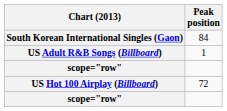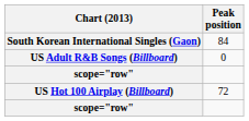 <table class="wikitable sortable plainrowheaders">
 <tr>
 <th>Chart (2013)</th>
 <th>Peak<br>position</th>
 </tr>
 <tr>
 <th scope="row">South Korean International Singles (<a href='#'>Gaon</a>)</th>
 <td align="center">84</td>
 </tr>
 <tr>
 <th scope="row">US <a href='#'>Adult R&B Songs</a> (<em><a href='#'>Billboard</a></em>)</th>
-<td align="center">1</td>
+<td align="center">0</td>
 </tr>
 <tr>
 <th>scope="row" </th>
 </tr>
 <tr>
 <th scope="row">US <a href='#'>Hot 100 Airplay</a> (<em><a href='#'>Billboard</a></em>)</th>
 <td align="center">72</td>
 </tr>
 <tr>
 <th>scope="row" </th>
 </tr>
 </table>
